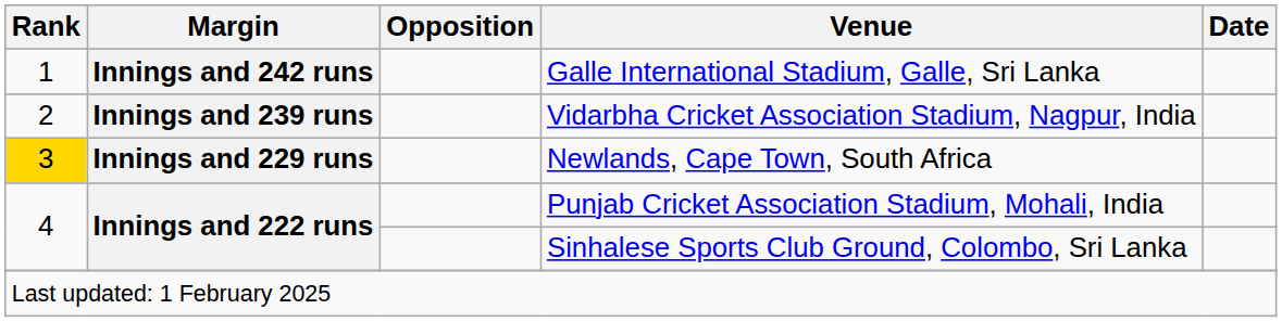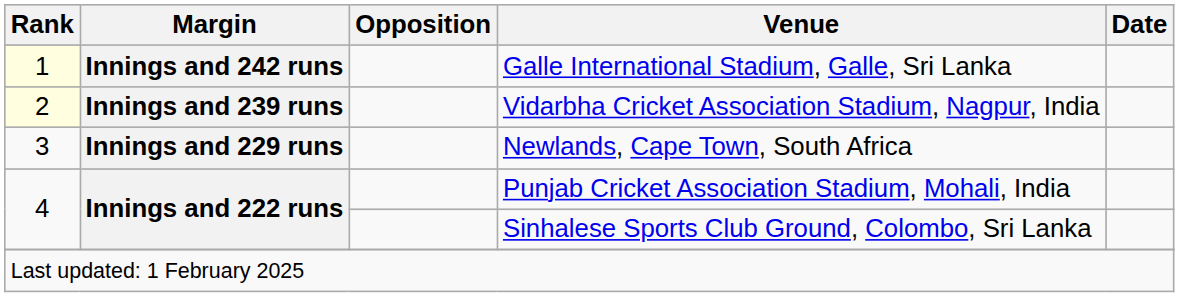 <table class="wikitable plainrowheaders sortable">
 <tr>
 <th scope=col>Rank</th>
 <th scope=col>Margin</th>
 <th scope=col>Opposition</th>
 <th scope=col>Venue</th>
 <th scope=col>Date</th>
 </tr>
 <tr>
-<td style="text-align:center">1</td>
+<td style="background: lightyellow; text-align:center">1</td>
 <th scope=row style="text-align:center;">Innings and 242 runs</th>
 <td></td>
 <td><a href='#'>Galle International Stadium</a>, <a href='#'>Galle</a>, Sri Lanka</td>
 <td></td>
 </tr>
 <tr>
-<td style="text-align:center">2</td>
+<td style="background: lightyellow; text-align:center">2</td>
 <th scope=row style="text-align:center;">Innings and 239 runs</th>
 <td></td>
 <td><a href='#'>Vidarbha Cricket Association Stadium</a>, <a href='#'>Nagpur</a>, India</td>
 <td></td>
 </tr>
 <tr>
-<td style="background: gold; text-align:center">3</td>
+<td style="text-align:center">3</td>
 <th scope=row style=text-align:center;>Innings and 229 runs</th>
 <td></td>
 <td><a href='#'>Newlands</a>, <a href='#'>Cape Town</a>, South Africa</td>
 <td></td>
 </tr>
 <tr>
 <td rowspan="2" scope="row" style="text-align:center;">4</td>
 <th rowspan="2" scope="row" style="text-align:center;">Innings and 222 runs</th>
 <td></td>
 <td><a href='#'>Punjab Cricket Association Stadium</a>, <a href='#'>Mohali</a>, India</td>
 <td></td>
 </tr>
 <tr>
 <td></td>
 <td><a href='#'>Sinhalese Sports Club Ground</a>, <a href='#'>Colombo</a>, Sri Lanka</td>
 <td></td>
 </tr>
 <tr>
 </tr>
 <tr class=sortbottom>
 <td colspan=5><small>Last updated: 1 February 2025</small></td>
 </tr>
 </table>
